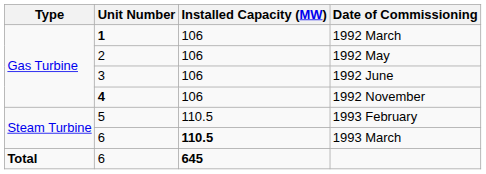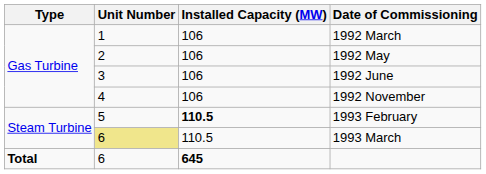 <table class="sortable wikitable">
 <tr>
 <th>Type</th>
 <th>Unit Number</th>
 <th>Installed Capacity (<a href='#'>MW</a>)</th>
 <th>Date of Commissioning</th>
 </tr>
 <tr>
 <td rowspan="4"><a href='#'>Gas Turbine</a></td>
-<td><strong>1</strong></td>
+<td>1</td>
 <td>106</td>
 <td>1992 March</td>
 </tr>
 <tr>
 <td>2</td>
 <td>106</td>
 <td>1992 May</td>
 </tr>
 <tr>
 <td>3</td>
 <td>106</td>
 <td>1992 June</td>
 </tr>
 <tr>
-<td><strong>4</strong></td>
+<td>4</td>
 <td>106</td>
 <td>1992 November</td>
 </tr>
 <tr>
 <td rowspan="2"><a href='#'>Steam Turbine</a></td>
 <td>5</td>
-<td>110.5</td>
+<td><strong>110.5</strong></td>
 <td>1993 February</td>
 </tr>
 <tr>
-<td>6</td>
-<td><strong>110.5</strong></td>
+<td style="background: khaki;">6</td>
+<td>110.5</td>
 <td>1993 March</td>
 </tr>
 <tr>
 <td><strong>Total</strong></td>
 <td>6</td>
 <td><strong>645</strong></td>
 <td></td>
 </tr>
 </table>
